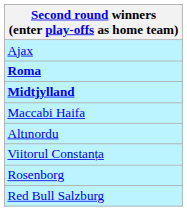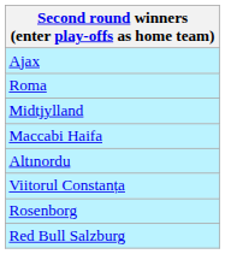 <table class="wikitable">
 <tr>
 <th width=210><a href='#'>Second round</a> winners<br>(enter <a href='#'>play-offs</a> as home team)</th>
 </tr>
 <tr>
 <td bgcolor=#BBF3FF> <a href='#'>Ajax</a></td>
 </tr>
 <tr>
-<td bgcolor=#BBF3FF><strong> <a href='#'>Roma</a></strong></td>
+<td bgcolor=#BBF3FF> <a href='#'>Roma</a></td>
 </tr>
 <tr>
-<td bgcolor=#BBF3FF><strong> <a href='#'>Midtjylland</a></strong></td>
+<td bgcolor=#BBF3FF> <a href='#'>Midtjylland</a></td>
 </tr>
 <tr>
 <td bgcolor=#BBF3FF> <a href='#'>Maccabi Haifa</a></td>
 </tr>
 <tr>
 <td bgcolor=#BBF3FF> <a href='#'>Altınordu</a></td>
 </tr>
 <tr>
 <td bgcolor=#BBF3FF> <a href='#'>Viitorul Constanța</a></td>
 </tr>
 <tr>
 <td bgcolor=#BBF3FF> <a href='#'>Rosenborg</a></td>
 </tr>
 <tr>
 <td bgcolor=#BBF3FF> <a href='#'>Red Bull Salzburg</a></td>
 </tr>
 </table>
